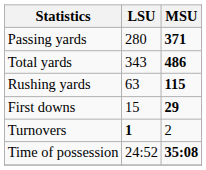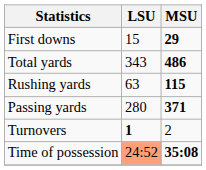 <table class="wikitable" style="float: left;">
 <tr>
 <th>Statistics</th>
 <th>LSU</th>
 <th>MSU</th>
 </tr>
 <tr>
-<td>Passing yards</td>
-<td>280</td>
-<td><strong>371</strong></td>
+<td>First downs</td>
+<td>15</td>
+<td><strong>29</strong></td>
 </tr>
 <tr>
 <td>Total yards</td>
 <td>343</td>
 <td><strong>486</strong></td>
 </tr>
 <tr>
 <td>Rushing yards</td>
 <td>63</td>
 <td><strong>115</strong></td>
 </tr>
 <tr>
-<td>First downs</td>
-<td>15</td>
-<td><strong>29</strong></td>
+<td>Passing yards</td>
+<td>280</td>
+<td><strong>371</strong></td>
 </tr>
 <tr>
 <td>Turnovers</td>
 <td><strong>1</strong></td>
 <td>2</td>
 </tr>
 <tr>
 <td>Time of possession</td>
-<td>24:52</td>
+<td style="background: lightsalmon;">24:52</td>
 <td><strong>35:08</strong></td>
 </tr>
 <tr>
 </tr>
 </table>
